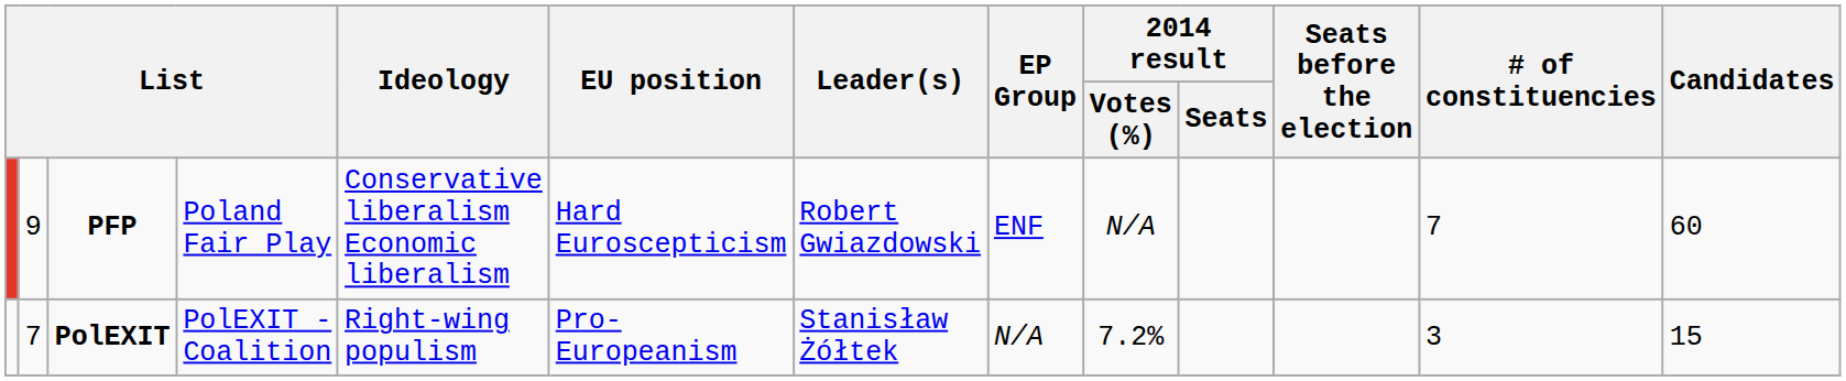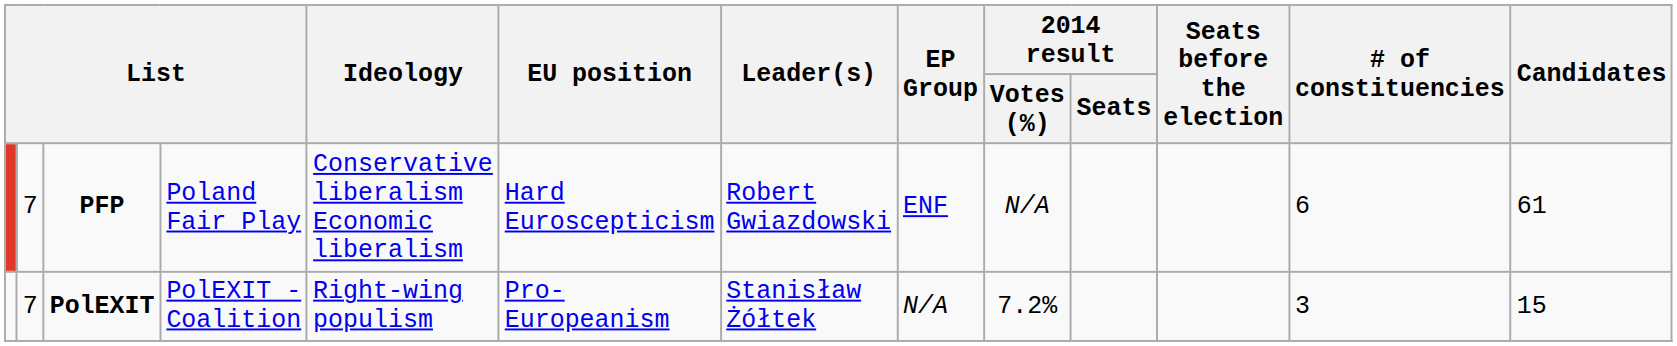 <table class="wikitable mw-collapsible">
 <tr>
 <th colspan="4" rowspan="2">List</th>
 <th rowspan="2">Ideology</th>
 <th rowspan="2">EU position</th>
 <th rowspan="2">Leader(s)</th>
 <th rowspan="2">EP Group</th>
 <th colspan="2">2014 result</th>
 <th rowspan="2">Seats before the election</th>
 <th rowspan="2"># of constituencies</th>
 <th rowspan="2">Candidates</th>
 </tr>
 <tr>
 <th>Votes (%)</th>
 <th>Seats</th>
 </tr>
 <tr>
 <td style="background:#E23727;"></td>
-<td>9</td>
+<td>7</td>
 <td style="text-align:center;"><strong>PFP</strong></td>
 <td><a href='#'>Poland Fair Play</a><br></td>
 <td><a href='#'>Conservative liberalism</a><br><a href='#'>Economic liberalism</a></td>
 <td><a href='#'>Hard Euroscepticism</a></td>
 <td><a href='#'>Robert Gwiazdowski</a></td>
 <td><a href='#'>ENF</a></td>
 <td style="text-align:center;"><em>N/A</em></td>
 <td></td>
 <td></td>
-<td>7</td>
-<td>60</td>
+<td>6</td>
+<td>61</td>
 </tr>
 <tr>
 <td style="background:"></td>
 <td>7</td>
 <td style="text-align:center;"><strong>PolEXIT</strong></td>
 <td><a href='#'>PolEXIT - Coalition</a><br></td>
 <td><a href='#'>Right-wing populism</a></td>
 <td><a href='#'>Pro-Europeanism</a></td>
 <td><a href='#'>Stanisław Żółtek</a></td>
 <td><em>N/A</em></td>
 <td style="text-align:center;">7.2%</td>
 <td></td>
 <td></td>
 <td>3</td>
 <td>15</td>
 </tr>
 </table>
